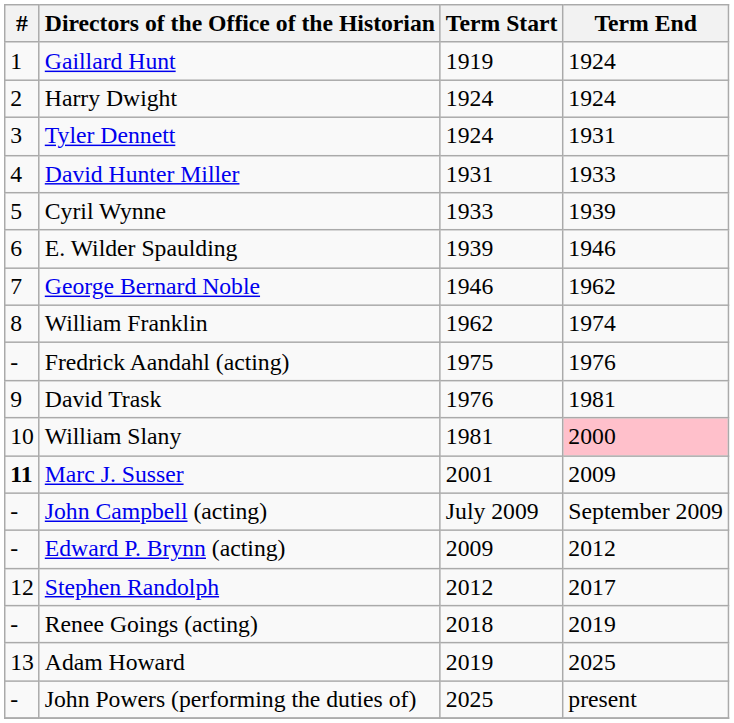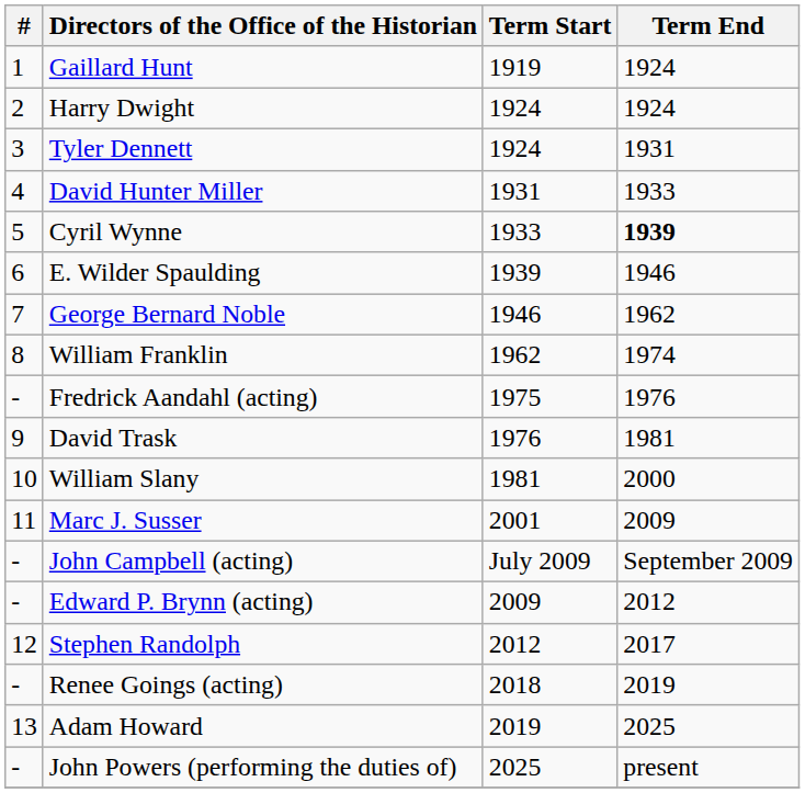 <table class="wikitable">
 <tr>
 <th>#</th>
 <th>Directors of the Office of the Historian</th>
 <th>Term Start</th>
 <th>Term End</th>
 </tr>
 <tr>
 <td>1</td>
 <td><a href='#'>Gaillard Hunt</a></td>
 <td>1919</td>
 <td>1924</td>
 </tr>
 <tr>
 <td>2</td>
 <td>Harry Dwight</td>
 <td>1924</td>
 <td>1924</td>
 </tr>
 <tr>
 <td>3</td>
 <td><a href='#'>Tyler Dennett</a></td>
 <td>1924</td>
 <td>1931</td>
 </tr>
 <tr>
 <td>4</td>
 <td><a href='#'>David Hunter Miller</a></td>
 <td>1931</td>
 <td>1933</td>
 </tr>
 <tr>
 <td>5</td>
 <td>Cyril Wynne</td>
 <td>1933</td>
-<td>1939</td>
+<td><strong>1939</strong></td>
 </tr>
 <tr>
 <td>6</td>
 <td>E. Wilder Spaulding</td>
 <td>1939</td>
 <td>1946</td>
 </tr>
 <tr>
 <td>7</td>
 <td><a href='#'>George Bernard Noble</a></td>
 <td>1946</td>
 <td>1962</td>
 </tr>
 <tr>
 <td>8</td>
 <td>William Franklin</td>
 <td>1962</td>
 <td>1974</td>
 </tr>
 <tr>
 <td>-</td>
 <td>Fredrick Aandahl (acting)</td>
 <td>1975</td>
 <td>1976</td>
 </tr>
 <tr>
 <td>9</td>
 <td>David Trask</td>
 <td>1976</td>
 <td>1981</td>
 </tr>
 <tr>
 <td>10</td>
 <td>William Slany</td>
 <td>1981</td>
-<td style="background: pink;">2000</td>
+<td>2000</td>
 </tr>
 <tr>
-<td><strong>11</strong></td>
+<td>11</td>
 <td><a href='#'>Marc J. Susser</a></td>
 <td>2001</td>
 <td>2009</td>
 </tr>
 <tr>
 <td>-</td>
 <td><a href='#'>John Campbell</a> (acting)</td>
 <td>July 2009</td>
 <td>September 2009</td>
 </tr>
 <tr>
 <td>-</td>
 <td><a href='#'>Edward P. Brynn</a> (acting)</td>
 <td>2009</td>
 <td>2012</td>
 </tr>
 <tr>
 <td>12</td>
 <td><a href='#'>Stephen Randolph</a></td>
 <td>2012</td>
 <td>2017</td>
 </tr>
 <tr>
 <td>-</td>
 <td>Renee Goings (acting)</td>
 <td>2018</td>
 <td>2019</td>
 </tr>
 <tr>
 <td>13</td>
 <td>Adam Howard</td>
 <td>2019</td>
 <td>2025</td>
 </tr>
 <tr>
 <td>-</td>
 <td>John Powers (performing the duties of)</td>
 <td>2025</td>
 <td>present</td>
 </tr>
 <tr>
 </tr>
 </table>
